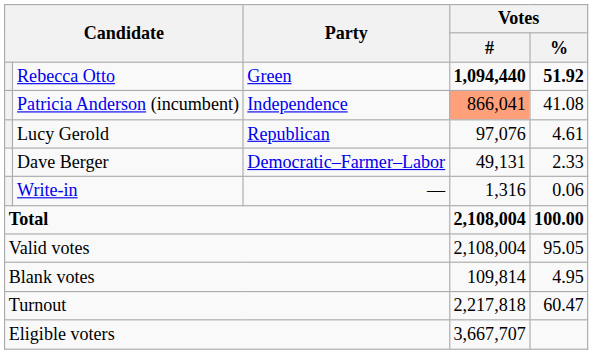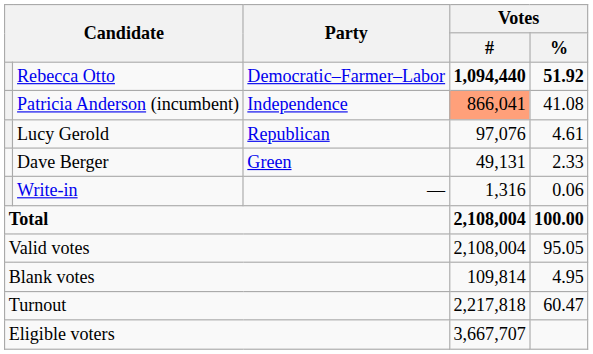 <table class="wikitable">
 <tr>
 <th rowspan="2" colspan="2">Candidate</th>
 <th rowspan="2">Party</th>
 <th colspan="2">Votes</th>
 </tr>
 <tr>
 <th>#</th>
 <th>%</th>
 </tr>
 <tr>
 <th style="background-color:"></th>
 <td><a href='#'>Rebecca Otto</a></td>
-<td><a href='#'>Green</a></td>
+<td><a href='#'>Democratic–Farmer–Labor</a></td>
 <td align="right"><strong>1,094,440</strong></td>
 <td align="right"><strong>51.92</strong></td>
 </tr>
 <tr>
 <th style="background-color:"></th>
 <td><a href='#'>Patricia Anderson</a> (incumbent)</td>
 <td><a href='#'>Independence</a></td>
 <td align="right" style="background: lightsalmon;">866,041</td>
 <td align="right">41.08</td>
 </tr>
 <tr>
 <th style="background-color:"></th>
 <td>Lucy Gerold</td>
 <td><a href='#'>Republican</a></td>
 <td align="right">97,076</td>
 <td align="right">4.61</td>
 </tr>
 <tr>
 <td ! style="background-color:"></td>
 <td>Dave Berger</td>
-<td><a href='#'>Democratic–Farmer–Labor</a></td>
+<td><a href='#'>Green</a></td>
 <td align="right">49,131</td>
 <td align="right">2.33</td>
 </tr>
 <tr>
 <th style="background-color:"></th>
 <td><a href='#'>Write-in</a></td>
 <td align="right">—</td>
 <td align="right">1,316</td>
 <td align="right">0.06</td>
 </tr>
 <tr>
 <td colspan="3" align="left"><strong>Total</strong></td>
 <td align="right"><strong>2,108,004</strong></td>
 <td align="right"><strong>100.00</strong></td>
 </tr>
 <tr>
 <td colspan="3" align="left">Valid votes</td>
 <td align="right">2,108,004</td>
 <td align="right">95.05</td>
 </tr>
 <tr>
 <td colspan="3" align="left">Blank votes</td>
 <td align="right">109,814</td>
 <td align="right">4.95</td>
 </tr>
 <tr>
 <td colspan="3" align="left">Turnout</td>
 <td align="right">2,217,818</td>
 <td align="right">60.47</td>
 </tr>
 <tr>
 <td colspan="3" align="left">Eligible voters</td>
 <td align="right">3,667,707</td>
 <td align="right"></td>
 </tr>
 </table>
